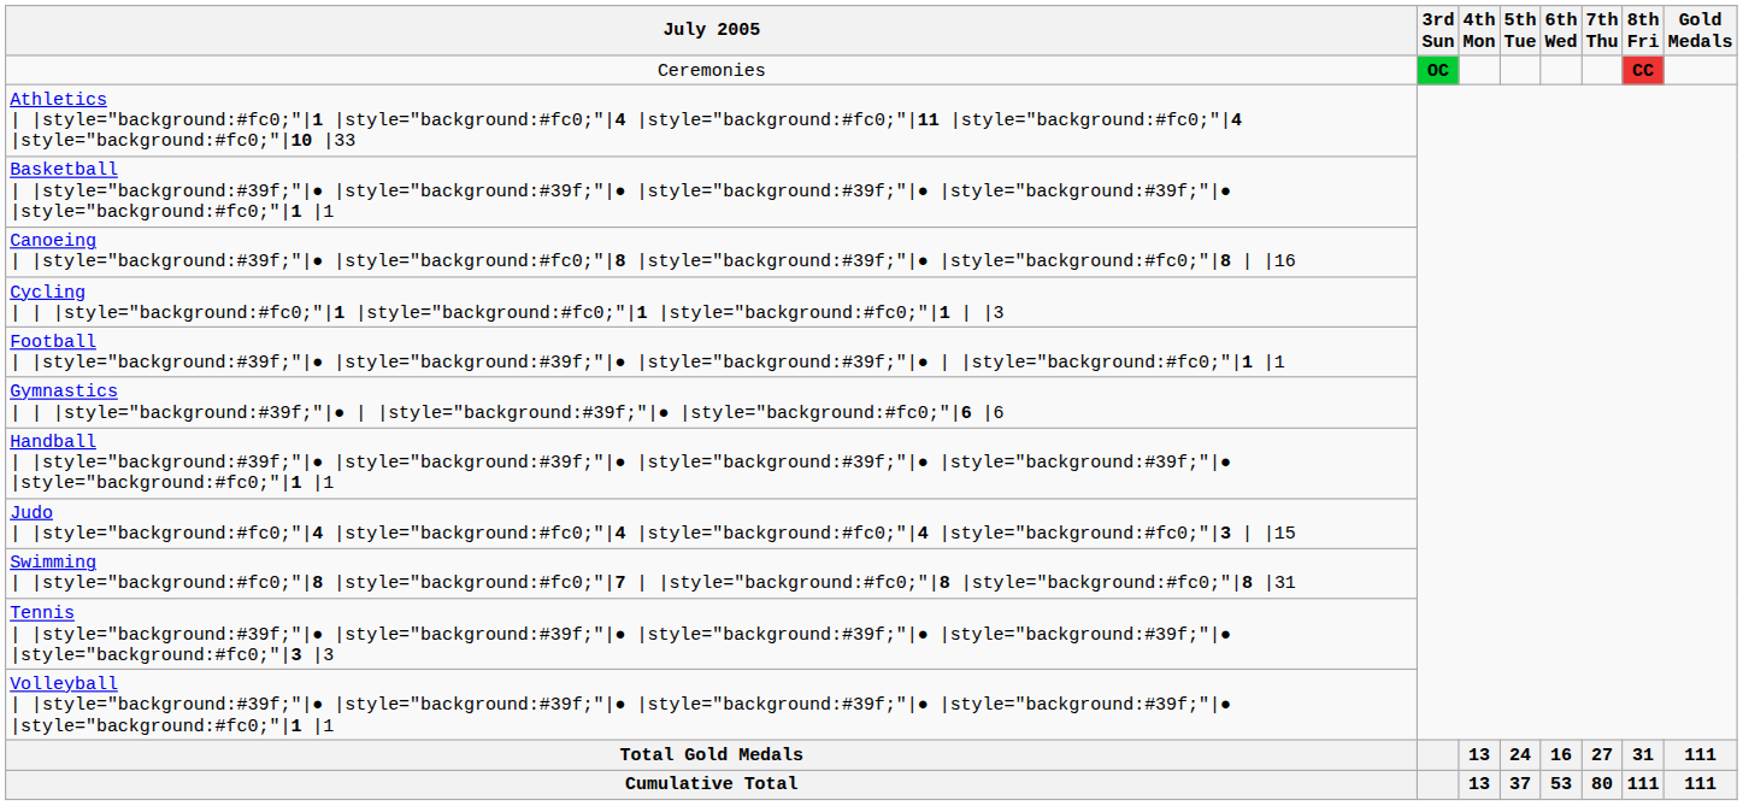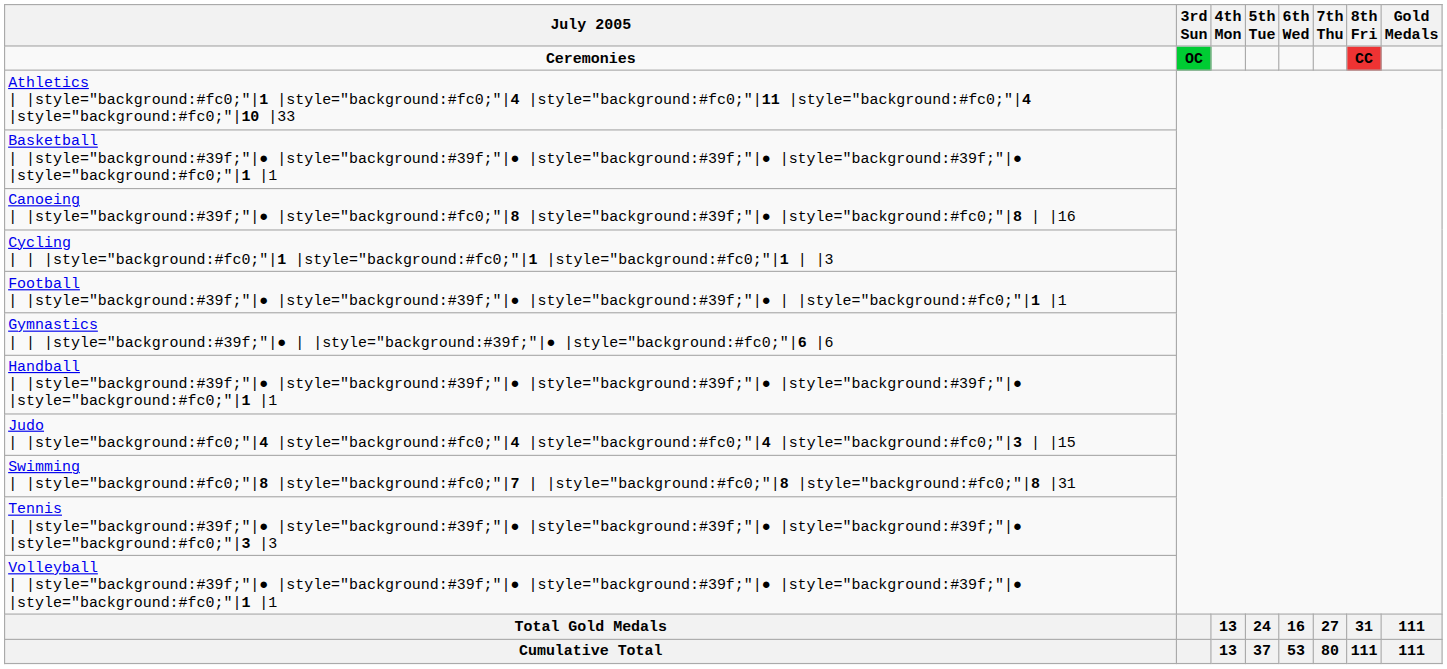 <table class="wikitable">
 <tr>
 <th>July 2005</th>
 <th>3rd<br>Sun</th>
 <th>4th<br>Mon</th>
 <th>5th<br>Tue</th>
 <th>6th<br>Wed</th>
 <th>7th<br>Thu</th>
 <th>8th<br>Fri</th>
 <th>Gold<br>Medals</th>
 </tr>
 <tr align=center>
-<td>Ceremonies</td>
+<td><strong>Ceremonies</strong></td>
 <td style="background:#0c3"><strong>OC</strong></td>
 <td></td>
 <td></td>
 <td></td>
 <td></td>
 <td style="background:#e33"><strong>CC</strong></td>
 <td></td>
 </tr>
 <tr style="text-align:center;">
 <td style="text-align:left;"> <a href='#'>Athletics</a><br>| |style="background:#fc0;"|<strong>1</strong> |style="background:#fc0;"|<strong>4</strong> |style="background:#fc0;"|<strong>11</strong> |style="background:#fc0;"|<strong>4</strong> |style="background:#fc0;"|<strong>10</strong> |33</td>
 </tr>
 <tr style="text-align:center;">
 <td style="text-align:left;"> <a href='#'>Basketball</a><br>| |style="background:#39f;"|● |style="background:#39f;"|● |style="background:#39f;"|● |style="background:#39f;"|● |style="background:#fc0;"|<strong>1</strong> |1</td>
 </tr>
 <tr style="text-align:center;">
 <td style="text-align:left;"> <a href='#'>Canoeing</a><br>| |style="background:#39f;"|● |style="background:#fc0;"|<strong>8</strong> |style="background:#39f;"|● |style="background:#fc0;"|<strong>8</strong> | |16</td>
 </tr>
 <tr style="text-align:center;">
 <td style="text-align:left;"> <a href='#'>Cycling</a><br>| | |style="background:#fc0;"|<strong>1</strong> |style="background:#fc0;"|<strong>1</strong> |style="background:#fc0;"|<strong>1</strong> | |3</td>
 </tr>
 <tr style="text-align:center;">
 <td style="text-align:left;"> <a href='#'>Football</a><br>| |style="background:#39f;"|● |style="background:#39f;"|● |style="background:#39f;"|● | |style="background:#fc0;"|<strong>1</strong> |1</td>
 </tr>
 <tr style="text-align:center;">
 <td style="text-align:left;"> <a href='#'>Gymnastics</a><br>| | |style="background:#39f;"|● | |style="background:#39f;"|● |style="background:#fc0;"|<strong>6</strong> |6</td>
 </tr>
 <tr style="text-align:center;">
 <td style="text-align:left;"> <a href='#'>Handball</a><br>| |style="background:#39f;"|● |style="background:#39f;"|● |style="background:#39f;"|● |style="background:#39f;"|● |style="background:#fc0;"|<strong>1</strong> |1</td>
 </tr>
 <tr style="text-align:center;">
 <td style="text-align:left;"> <a href='#'>Judo</a><br>| |style="background:#fc0;"|<strong>4</strong> |style="background:#fc0;"|<strong>4</strong> |style="background:#fc0;"|<strong>4</strong> |style="background:#fc0;"|<strong>3</strong> | |15</td>
 </tr>
 <tr style="text-align:center;">
 <td style="text-align:left;"> <a href='#'>Swimming</a><br>| |style="background:#fc0;"|<strong>8</strong> |style="background:#fc0;"|<strong>7</strong> | |style="background:#fc0;"|<strong>8</strong> |style="background:#fc0;"|<strong>8</strong> |31</td>
 </tr>
 <tr style="text-align:center;">
 <td style="text-align:left;"> <a href='#'>Tennis</a><br>| |style="background:#39f;"|● |style="background:#39f;"|● |style="background:#39f;"|● |style="background:#39f;"|● |style="background:#fc0;"|<strong>3</strong> |3</td>
 </tr>
 <tr style="text-align:center;">
 <td style="text-align:left;"> <a href='#'>Volleyball</a><br>| |style="background:#39f;"|● |style="background:#39f;"|● |style="background:#39f;"|● |style="background:#39f;"|● |style="background:#fc0;"|<strong>1</strong> |1</td>
 </tr>
 <tr align=center>
 <th>Total Gold Medals</th>
 <th></th>
 <th>13</th>
 <th>24</th>
 <th>16</th>
 <th>27</th>
 <th>31</th>
 <th>111</th>
 </tr>
 <tr align=center>
 <th>Cumulative Total</th>
 <th></th>
 <th>13</th>
 <th>37</th>
 <th>53</th>
 <th>80</th>
 <th>111</th>
 <th>111</th>
 </tr>
 </table>
